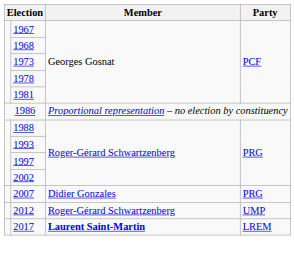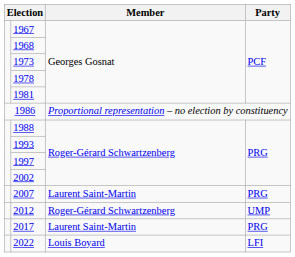 <table class="wikitable">
 <tr>
 <th colspan="2">Election</th>
 <th>Member</th>
 <th>Party</th>
 </tr>
 <tr>
 <td rowspan="5" style="color:inherit;background-color: "></td>
 <td><a href='#'>1967</a></td>
 <td rowspan="5">Georges Gosnat</td>
 <td rowspan="5"><a href='#'>PCF</a></td>
 </tr>
 <tr>
 <td><a href='#'>1968</a></td>
 </tr>
 <tr>
 <td><a href='#'>1973</a></td>
 </tr>
 <tr>
 <td><a href='#'>1978</a></td>
 </tr>
 <tr>
 <td><a href='#'>1981</a></td>
 </tr>
 <tr>
 <td colspan="2" align="center"><a href='#'>1986</a></td>
 <td colspan="2"><em><a href='#'>Proportional representation</a> – no election by constituency</em></td>
 </tr>
 <tr>
 <td rowspan="4" style="color:inherit;background-color: "></td>
 <td><a href='#'>1988</a></td>
 <td rowspan="4"><a href='#'>Roger-Gérard Schwartzenberg</a></td>
 <td rowspan="4"><a href='#'>PRG</a></td>
 </tr>
 <tr>
 <td><a href='#'>1993</a></td>
 </tr>
 <tr>
 <td><a href='#'>1997</a></td>
 </tr>
 <tr>
 <td><a href='#'>2002</a></td>
 </tr>
 <tr>
 <td style="color:inherit;background-color: "></td>
 <td><a href='#'>2007</a></td>
-<td><a href='#'>Didier Gonzales</a></td>
+<td><a href='#'>Laurent Saint-Martin</a></td>
 <td><a href='#'>PRG</a></td>
 </tr>
 <tr>
 <td style="color:inherit;background-color: "></td>
 <td><a href='#'>2012</a></td>
 <td><a href='#'>Roger-Gérard Schwartzenberg</a></td>
 <td><a href='#'>UMP</a></td>
 </tr>
 <tr>
 <td style="color:inherit;background-color: "></td>
 <td><a href='#'>2017</a></td>
-<td><strong><a href='#'>Laurent Saint-Martin</a></strong></td>
-<td><a href='#'>LREM</a></td>
+<td><a href='#'>Laurent Saint-Martin</a></td>
+<td><a href='#'>PRG</a></td>
+</tr>
+<tr>
+<td style="color:inherit;background:"></td>
+<td><a href='#'>2022</a></td>
+<td><a href='#'>Louis Boyard</a></td>
+<td><a href='#'>LFI</a></td>
 </tr>
 </table>
